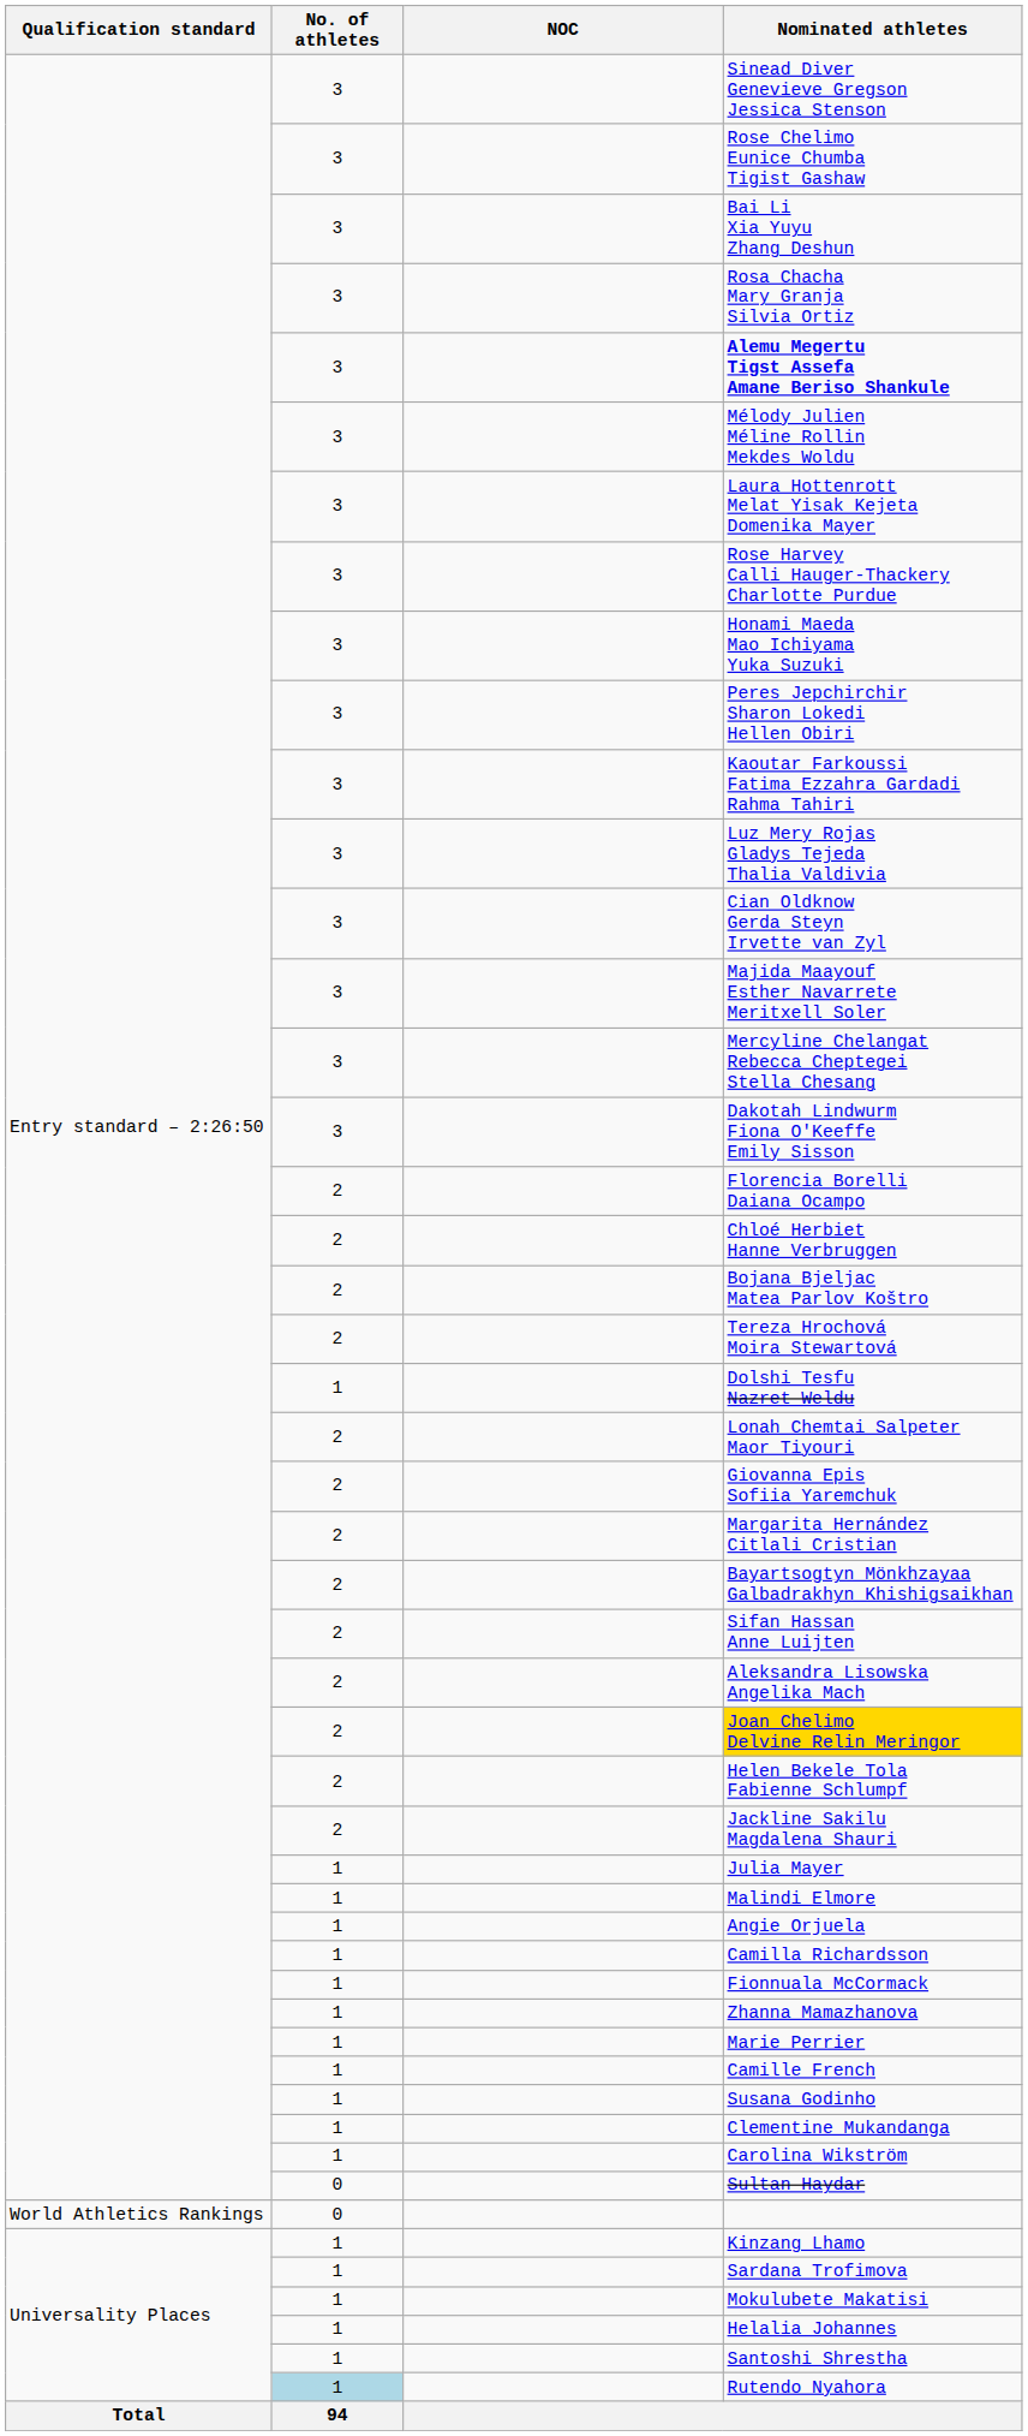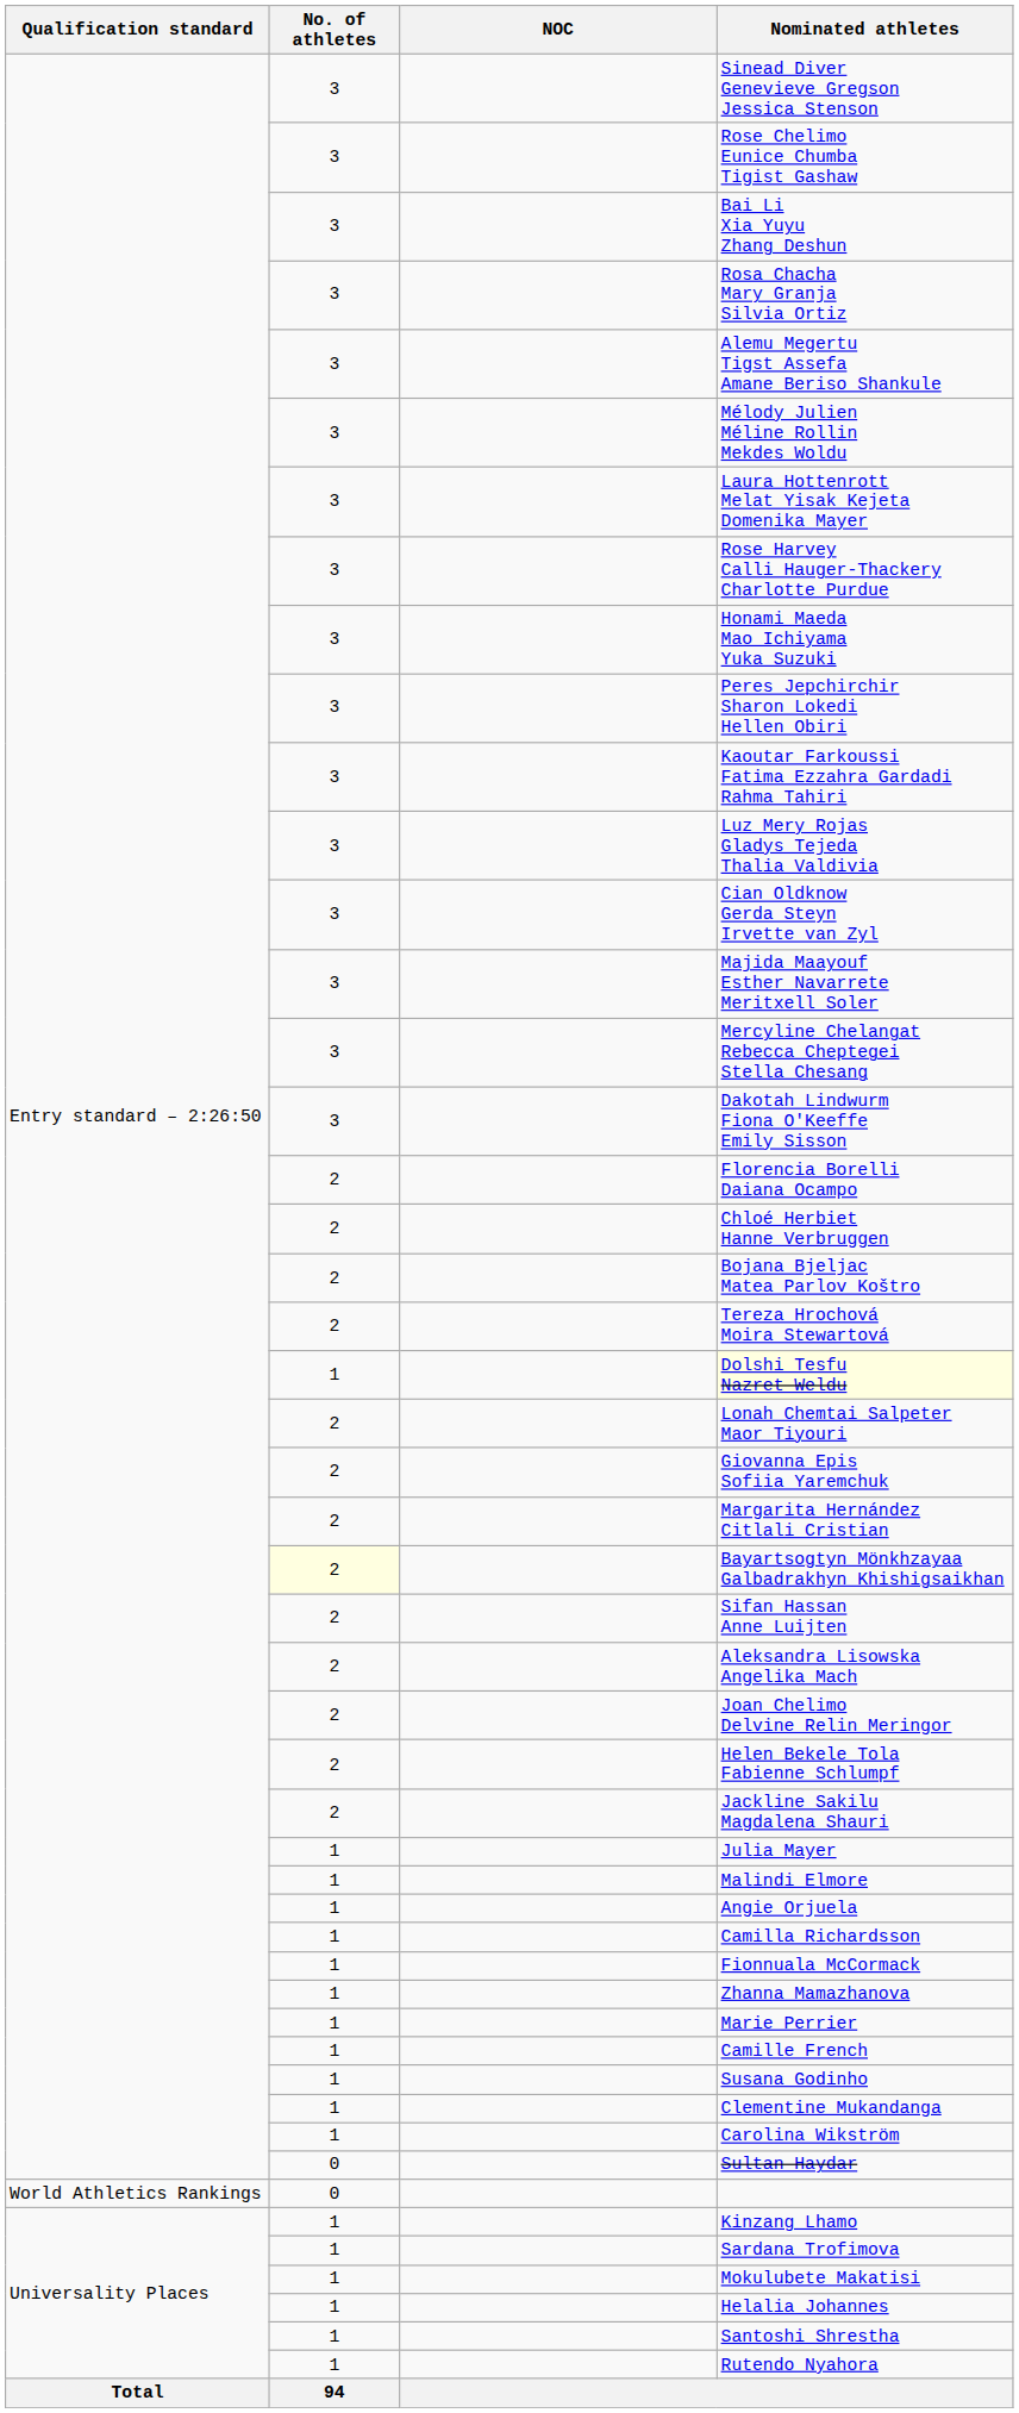 <table class="wikitable sortable" style="text-align:left; width:750px;">
 <tr>
 <th>Qualification standard</th>
 <th width=90>No. of athletes</th>
 <th width=230>NOC</th>
 <th>Nominated athletes</th>
 </tr>
 <tr>
 <td rowspan=42>Entry standard – 2:26:50</td>
 <td align=center>3</td>
 <td></td>
 <td><a href='#'>Sinead Diver</a><br><a href='#'>Genevieve Gregson</a><br><a href='#'>Jessica Stenson</a></td>
 </tr>
 <tr>
 <td align=center>3</td>
 <td></td>
 <td><a href='#'>Rose Chelimo</a><br><a href='#'>Eunice Chumba</a><br><a href='#'>Tigist Gashaw</a></td>
 </tr>
 <tr>
 <td align=center>3</td>
 <td></td>
 <td><a href='#'>Bai Li</a><br><a href='#'>Xia Yuyu</a><br><a href='#'>Zhang Deshun</a></td>
 </tr>
 <tr>
 <td align=center>3</td>
 <td></td>
 <td><a href='#'>Rosa Chacha</a><br><a href='#'>Mary Granja</a><br><a href='#'>Silvia Ortiz</a></td>
 </tr>
 <tr>
 <td align=center>3</td>
 <td></td>
-<td><strong><a href='#'>Alemu Megertu</a><br><a href='#'>Tigst Assefa</a><br><a href='#'>Amane Beriso Shankule</a></strong></td>
+<td><a href='#'>Alemu Megertu</a><br><a href='#'>Tigst Assefa</a><br><a href='#'>Amane Beriso Shankule</a></td>
 </tr>
 <tr>
 <td align=center>3</td>
 <td></td>
 <td><a href='#'>Mélody Julien</a><br><a href='#'>Méline Rollin</a><br><a href='#'>Mekdes Woldu</a></td>
 </tr>
 <tr>
 <td align=center>3</td>
 <td></td>
 <td><a href='#'>Laura Hottenrott</a><br><a href='#'>Melat Yisak Kejeta</a><br><a href='#'>Domenika Mayer</a></td>
 </tr>
 <tr>
 <td align=center>3</td>
 <td></td>
 <td><a href='#'>Rose Harvey</a><br><a href='#'>Calli Hauger-Thackery</a><br><a href='#'>Charlotte Purdue</a></td>
 </tr>
 <tr>
 <td align=center>3</td>
 <td></td>
 <td><a href='#'>Honami Maeda</a><br><a href='#'>Mao Ichiyama</a><br><a href='#'>Yuka Suzuki</a></td>
 </tr>
 <tr>
 <td align=center>3</td>
 <td></td>
 <td><a href='#'>Peres Jepchirchir</a><br><a href='#'>Sharon Lokedi</a><br><a href='#'>Hellen Obiri</a></td>
 </tr>
 <tr>
 <td align=center>3</td>
 <td></td>
 <td><a href='#'>Kaoutar Farkoussi</a><br><a href='#'>Fatima Ezzahra Gardadi</a><br><a href='#'>Rahma Tahiri</a></td>
 </tr>
 <tr>
 <td align=center>3</td>
 <td></td>
 <td><a href='#'>Luz Mery Rojas</a><br><a href='#'>Gladys Tejeda</a><br><a href='#'>Thalia Valdivia</a></td>
 </tr>
 <tr>
 <td align=center>3</td>
 <td></td>
 <td><a href='#'>Cian Oldknow</a><br><a href='#'>Gerda Steyn</a><br><a href='#'>Irvette van Zyl</a></td>
 </tr>
 <tr>
 <td align=center>3</td>
 <td></td>
 <td><a href='#'>Majida Maayouf</a><br><a href='#'>Esther Navarrete</a><br><a href='#'>Meritxell Soler</a></td>
 </tr>
 <tr>
 <td align=center>3</td>
 <td></td>
 <td><a href='#'>Mercyline Chelangat</a><br><a href='#'>Rebecca Cheptegei</a><br><a href='#'>Stella Chesang</a></td>
 </tr>
 <tr>
 <td align=center>3</td>
 <td></td>
 <td><a href='#'>Dakotah Lindwurm</a><br><a href='#'>Fiona O'Keeffe</a><br><a href='#'>Emily Sisson</a></td>
 </tr>
 <tr>
 <td align=center>2</td>
 <td></td>
 <td><a href='#'>Florencia Borelli</a><br><a href='#'>Daiana Ocampo</a></td>
 </tr>
 <tr>
 <td align=center>2</td>
 <td></td>
 <td><a href='#'>Chloé Herbiet</a><br><a href='#'>Hanne Verbruggen</a></td>
 </tr>
 <tr>
 <td align=center>2</td>
 <td></td>
 <td><a href='#'>Bojana Bjeljac</a><br><a href='#'>Matea Parlov Koštro</a></td>
 </tr>
 <tr>
 <td align=center>2</td>
 <td></td>
 <td><a href='#'>Tereza Hrochová</a><br><a href='#'>Moira Stewartová</a></td>
 </tr>
 <tr>
 <td align=center>1</td>
 <td></td>
-<td><a href='#'>Dolshi Tesfu</a><br><s><a href='#'>Nazret Weldu</a></s></td>
+<td style="background: lightyellow;"><a href='#'>Dolshi Tesfu</a><br><s><a href='#'>Nazret Weldu</a></s></td>
 </tr>
 <tr>
 <td align=center>2</td>
 <td></td>
 <td><a href='#'>Lonah Chemtai Salpeter</a><br><a href='#'>Maor Tiyouri</a></td>
 </tr>
 <tr>
 <td align=center>2</td>
 <td></td>
 <td><a href='#'>Giovanna Epis</a><br><a href='#'>Sofiia Yaremchuk</a></td>
 </tr>
 <tr>
 <td align=center>2</td>
 <td></td>
 <td><a href='#'>Margarita Hernández</a><br><a href='#'>Citlali Cristian</a></td>
 </tr>
 <tr>
-<td align=center>2</td>
+<td align=center style="background: lightyellow;">2</td>
 <td></td>
 <td><a href='#'>Bayartsogtyn Mönkhzayaa</a><br><a href='#'>Galbadrakhyn Khishigsaikhan</a></td>
 </tr>
 <tr>
 <td align=center>2</td>
 <td></td>
 <td><a href='#'>Sifan Hassan</a><br><a href='#'>Anne Luijten</a></td>
 </tr>
 <tr>
 <td align=center>2</td>
 <td></td>
 <td><a href='#'>Aleksandra Lisowska</a><br><a href='#'>Angelika Mach</a></td>
 </tr>
 <tr>
 <td align=center>2</td>
 <td></td>
-<td style="background: gold;"><a href='#'>Joan Chelimo</a><br><a href='#'>Delvine Relin Meringor</a></td>
+<td><a href='#'>Joan Chelimo</a><br><a href='#'>Delvine Relin Meringor</a></td>
 </tr>
 <tr>
 <td align=center>2</td>
 <td></td>
 <td><a href='#'>Helen Bekele Tola</a><br><a href='#'>Fabienne Schlumpf</a></td>
 </tr>
 <tr>
 <td align=center>2</td>
 <td></td>
 <td><a href='#'>Jackline Sakilu</a><br><a href='#'>Magdalena Shauri</a></td>
 </tr>
 <tr>
 <td align=center>1</td>
 <td></td>
 <td><a href='#'>Julia Mayer</a></td>
 </tr>
 <tr>
 <td align=center>1</td>
 <td></td>
 <td><a href='#'>Malindi Elmore</a></td>
 </tr>
 <tr>
 <td align=center>1</td>
 <td></td>
 <td><a href='#'>Angie Orjuela</a></td>
 </tr>
 <tr>
 <td align=center>1</td>
 <td></td>
 <td><a href='#'>Camilla Richardsson</a></td>
 </tr>
 <tr>
 <td align=center>1</td>
 <td></td>
 <td><a href='#'>Fionnuala McCormack</a></td>
 </tr>
 <tr>
 <td align=center>1</td>
 <td></td>
 <td><a href='#'>Zhanna Mamazhanova</a></td>
 </tr>
 <tr>
 <td align=center>1</td>
 <td></td>
 <td><a href='#'>Marie Perrier</a></td>
 </tr>
 <tr>
 <td align=center>1</td>
 <td></td>
 <td><a href='#'>Camille French</a></td>
 </tr>
 <tr>
 <td align=center>1</td>
 <td></td>
 <td><a href='#'>Susana Godinho</a></td>
 </tr>
 <tr>
 <td align=center>1</td>
 <td></td>
 <td><a href='#'>Clementine Mukandanga</a></td>
 </tr>
 <tr>
 <td align=center>1</td>
 <td></td>
 <td><a href='#'>Carolina Wikström</a></td>
 </tr>
 <tr>
 <td align=center>0</td>
 <td><s></s></td>
 <td><s><a href='#'>Sultan Haydar</a></s></td>
 </tr>
 <tr>
 <td>World Athletics Rankings</td>
 <td align=center>0</td>
 <td></td>
 <td></td>
 </tr>
 <tr>
 <td rowspan=6>Universality Places</td>
 <td align=center>1</td>
 <td></td>
 <td><a href='#'>Kinzang Lhamo</a></td>
 </tr>
 <tr>
 <td align=center>1</td>
 <td></td>
 <td><a href='#'>Sardana Trofimova</a></td>
 </tr>
 <tr>
 <td align=center>1</td>
 <td></td>
 <td><a href='#'>Mokulubete Makatisi</a></td>
 </tr>
 <tr>
 <td align=center>1</td>
 <td></td>
 <td><a href='#'>Helalia Johannes</a></td>
 </tr>
 <tr>
 <td align=center>1</td>
 <td></td>
 <td><a href='#'>Santoshi Shrestha</a></td>
 </tr>
 <tr>
-<td align=center style="background: lightblue;">1</td>
+<td align=center>1</td>
 <td></td>
 <td><a href='#'>Rutendo Nyahora</a></td>
 </tr>
 <tr>
 <th>Total</th>
 <th>94</th>
 <th colspan=2></th>
 </tr>
 </table>
